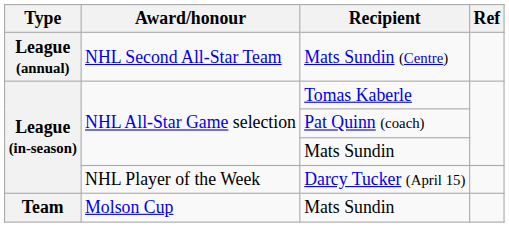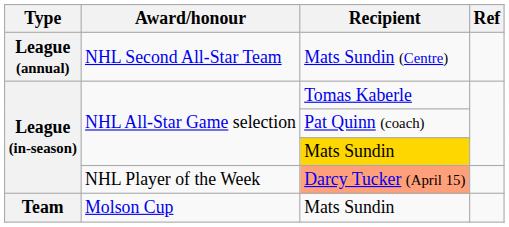 <table class="wikitable">
 <tr>
 <th scope="col">Type</th>
 <th scope="col">Award/honour</th>
 <th scope="col">Recipient</th>
 <th scope="col">Ref</th>
 </tr>
 <tr>
 <th scope="row">League<br><small>(annual)</small></th>
 <td><a href='#'>NHL Second All-Star Team</a></td>
 <td><a href='#'>Mats Sundin</a> <small>(<a href='#'>Centre</a>)</small></td>
 <td></td>
 </tr>
 <tr>
 <th scope="row" rowspan="4">League<br><small>(in-season)</small></th>
 <td rowspan="3"><a href='#'>NHL All-Star Game</a> selection</td>
 <td><a href='#'>Tomas Kaberle</a></td>
 <td rowspan="3"></td>
 </tr>
 <tr>
 <td><a href='#'>Pat Quinn</a> <small>(coach)</small></td>
 </tr>
 <tr>
-<td>Mats Sundin</td>
+<td style="background: gold;">Mats Sundin</td>
 </tr>
 <tr>
 <td>NHL Player of the Week</td>
-<td><a href='#'>Darcy Tucker</a> <small>(April 15)</small></td>
+<td style="background: lightsalmon;"><a href='#'>Darcy Tucker</a> <small>(April 15)</small></td>
 <td></td>
 </tr>
 <tr>
 <th scope="row" rowspan="5">Team</th>
 <td><a href='#'>Molson Cup</a></td>
 <td>Mats Sundin</td>
 <td></td>
 </tr>
 </table>
